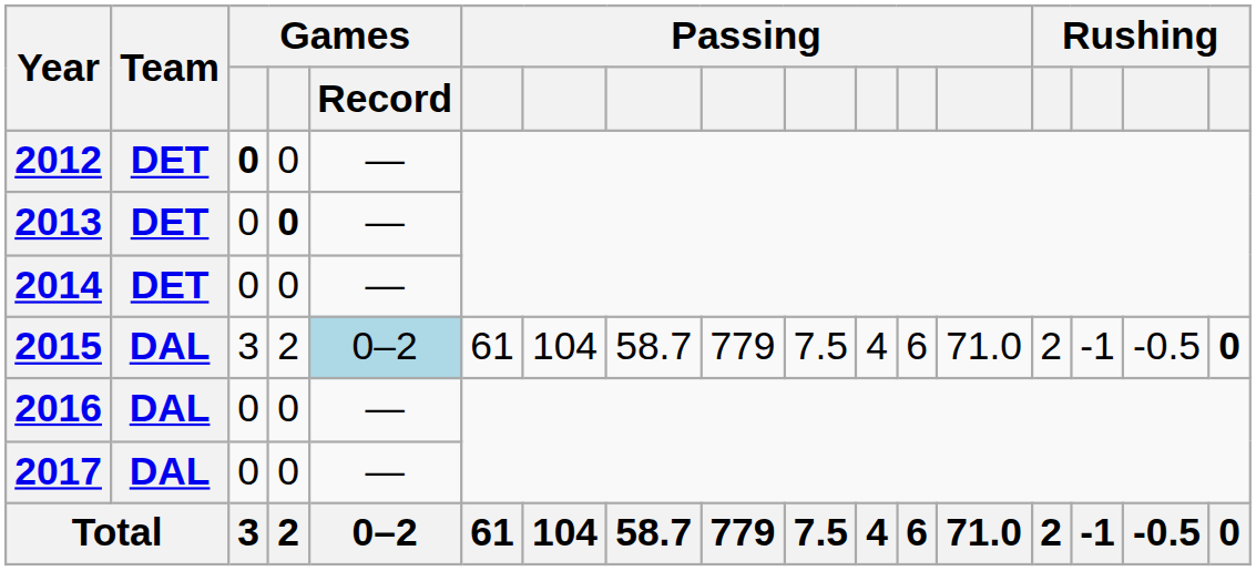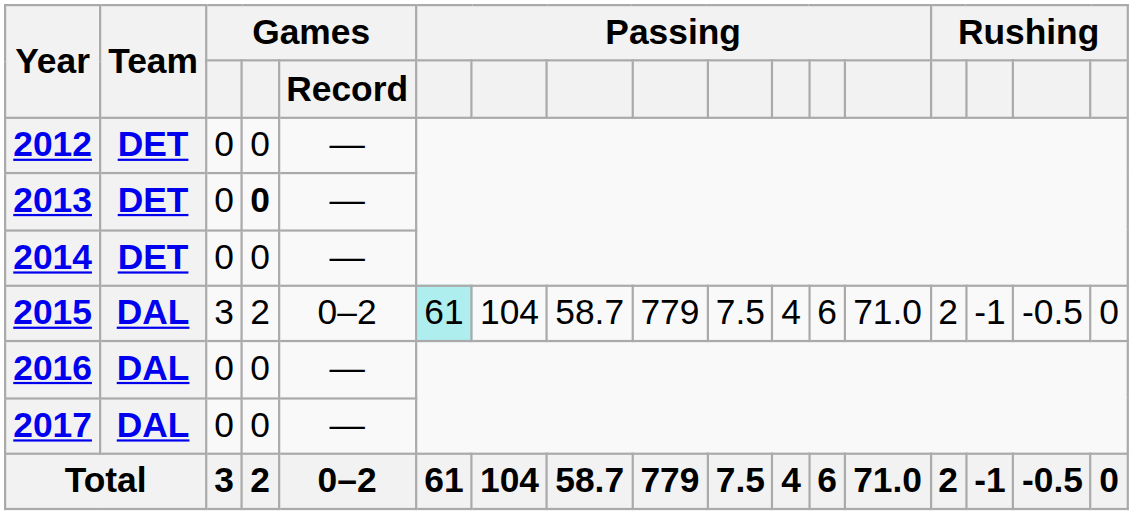 <table class="wikitable" style="text-align:center;">
 <tr>
 <th rowspan="2">Year</th>
 <th rowspan="2">Team</th>
 <th colspan="3">Games</th>
 <th colspan="8">Passing</th>
 <th colspan="4">Rushing</th>
 </tr>
 <tr>
 <th></th>
 <th></th>
 <th>Record</th>
 <th></th>
 <th></th>
 <th></th>
 <th></th>
 <th></th>
 <th></th>
 <th></th>
 <th></th>
 <th></th>
 <th></th>
 <th></th>
 <th></th>
 </tr>
 <tr>
 <th><a href='#'>2012</a></th>
 <th><a href='#'>DET</a></th>
-<td><strong>0</strong></td>
+<td>0</td>
 <td>0</td>
 <td>—</td>
 <td colspan="12" rowspan="3"></td>
 </tr>
 <tr>
 <th><a href='#'>2013</a></th>
 <th><a href='#'>DET</a></th>
 <td>0</td>
 <td><strong>0</strong></td>
 <td>—</td>
 </tr>
 <tr>
 <th><a href='#'>2014</a></th>
 <th><a href='#'>DET</a></th>
 <td>0</td>
 <td>0</td>
 <td>—</td>
 </tr>
 <tr>
 <th><a href='#'>2015</a></th>
 <th><a href='#'>DAL</a></th>
 <td>3</td>
 <td>2</td>
-<td style="background: lightblue;">0–2</td>
-<td>61</td>
+<td>0–2</td>
+<td style="background: paleturquoise;">61</td>
 <td>104</td>
 <td>58.7</td>
 <td>779</td>
 <td>7.5</td>
 <td>4</td>
 <td>6</td>
 <td>71.0</td>
 <td>2</td>
 <td>-1</td>
 <td>-0.5</td>
-<td><strong>0</strong></td>
+<td>0</td>
 </tr>
 <tr>
 <th><a href='#'>2016</a></th>
 <th><a href='#'>DAL</a></th>
 <td>0</td>
 <td>0</td>
 <td>—</td>
 <td colspan="12" rowspan="2"></td>
 </tr>
 <tr>
 <th><a href='#'>2017</a></th>
 <th><a href='#'>DAL</a></th>
 <td>0</td>
 <td>0</td>
 <td>—</td>
 </tr>
 <tr>
 <th colspan="2">Total</th>
 <th>3</th>
 <th>2</th>
 <th>0–2</th>
 <th>61</th>
 <th>104</th>
 <th>58.7</th>
 <th>779</th>
 <th>7.5</th>
 <th>4</th>
 <th>6</th>
 <th>71.0</th>
 <th>2</th>
 <th>-1</th>
 <th>-0.5</th>
 <th>0</th>
 </tr>
 </table>
